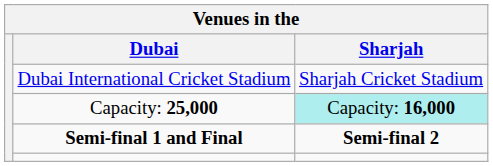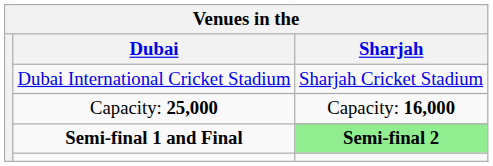 <table class="wikitable" style="text-align:center">
 <tr>
 <th colspan="3">Venues in the </th>
 </tr>
 <tr>
 <th rowspan="5"></th>
 <th><a href='#'>Dubai</a></th>
 <th><a href='#'>Sharjah</a></th>
 </tr>
 <tr>
 <td><a href='#'>Dubai International Cricket Stadium</a></td>
 <td><a href='#'>Sharjah Cricket Stadium</a></td>
 </tr>
 <tr>
 <td>Capacity: <strong>25,000</strong></td>
-<td style="background: paleturquoise;">Capacity: <strong>16,000</strong></td>
+<td>Capacity: <strong>16,000</strong></td>
 </tr>
 <tr>
 <td><strong>Semi-final 1 and Final</strong></td>
-<td><strong>Semi-final 2</strong></td>
+<td style="background: lightgreen;"><strong>Semi-final 2</strong></td>
 </tr>
 <tr>
 <td></td>
 <td></td>
 </tr>
 </table>
